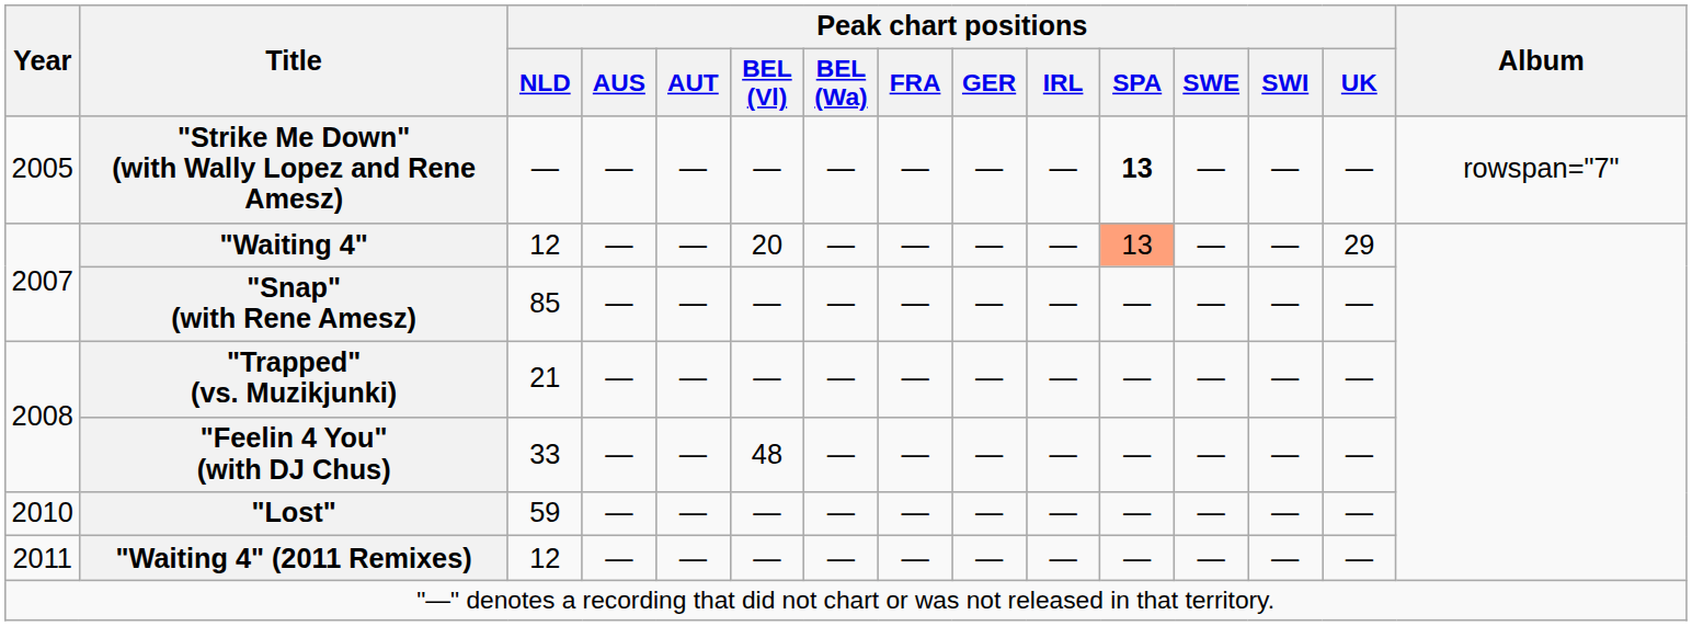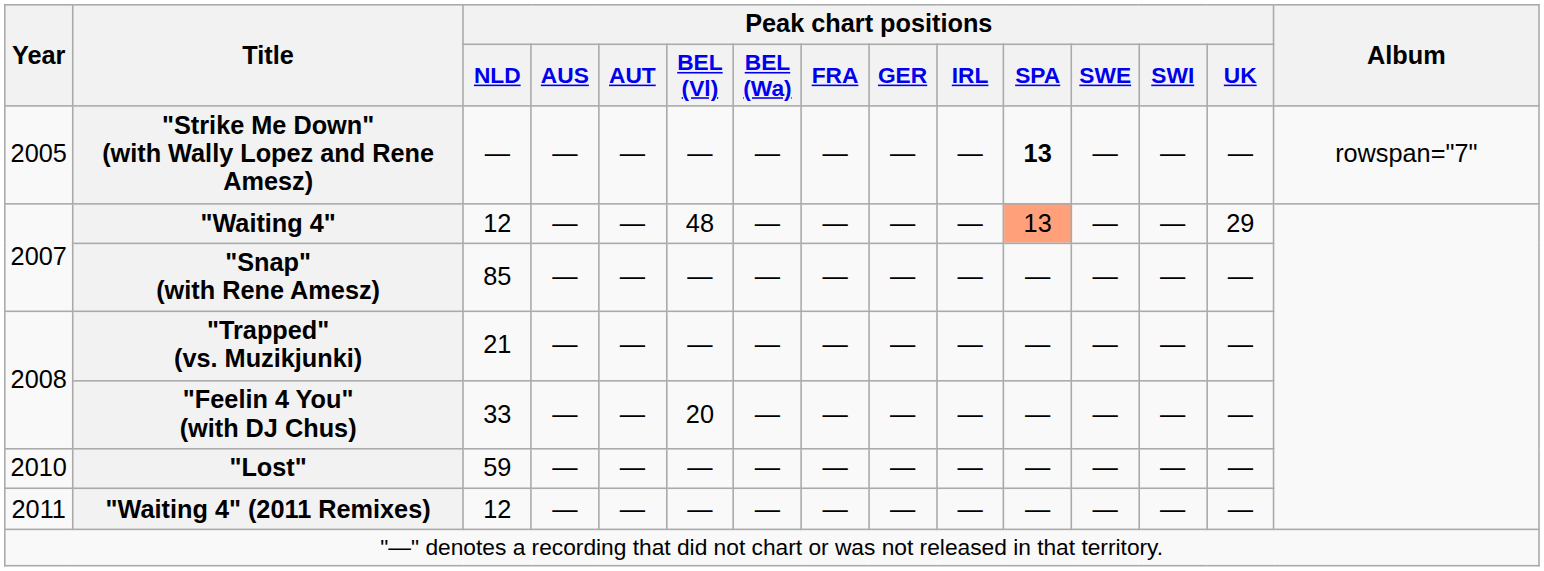 <table class="wikitable plainrowheaders" style="text-align:center;">
 <tr>
 <th scope="col" rowspan="2" style="width:1em;">Year</th>
 <th scope="col" rowspan="2" style="width:15em;">Title</th>
 <th scope="col" colspan="12">Peak chart positions</th>
 <th scope="col" rowspan="2" style="width:10em;">Album</th>
 </tr>
 <tr>
 <th scope="col" style="width:2.5em;font-size:90%;"><a href='#'>NLD</a><br></th>
 <th scope="col" style="width:2.5em;font-size:90%;"><a href='#'>AUS</a><br></th>
 <th scope="col" style="width:2.5em;font-size:90%;"><a href='#'>AUT</a><br></th>
 <th scope="col" style="width:2.5em;font-size:90%;"><a href='#'>BEL (Vl)</a><br></th>
 <th scope="col" style="width:2.5em;font-size:90%;"><a href='#'>BEL (Wa)</a><br></th>
 <th scope="col" style="width:2.5em;font-size:90%;"><a href='#'>FRA</a><br></th>
 <th scope="col" style="width:2.5em;font-size:90%;"><a href='#'>GER</a><br></th>
 <th scope="col" style="width:2.5em;font-size:90%;"><a href='#'>IRL</a><br></th>
 <th scope="col" style="width:2.5em;font-size:90%;"><a href='#'>SPA</a><br></th>
 <th scope="col" style="width:2.5em;font-size:90%;"><a href='#'>SWE</a><br></th>
 <th scope="col" style="width:2.5em;font-size:90%;"><a href='#'>SWI</a><br></th>
 <th scope="col" style="width:2.5em;font-size:90%;"><a href='#'>UK</a><br></th>
 </tr>
 <tr>
 <td rowspan="1">2005</td>
 <th scope="row">"Strike Me Down" <br><span>(with Wally Lopez and Rene Amesz)</span></th>
 <td>—</td>
 <td>—</td>
 <td>—</td>
 <td>—</td>
 <td>—</td>
 <td>—</td>
 <td>—</td>
 <td>—</td>
 <td><strong>13</strong></td>
 <td>—</td>
 <td>—</td>
 <td>—</td>
 <td>rowspan="7" </td>
 </tr>
 <tr>
 <td rowspan="2">2007</td>
 <th scope="row">"Waiting 4"</th>
 <td>12</td>
 <td>—</td>
 <td>—</td>
-<td>20</td>
+<td>48</td>
 <td>—</td>
 <td>—</td>
 <td>—</td>
 <td>—</td>
 <td style="background: lightsalmon;">13</td>
 <td>—</td>
 <td>—</td>
 <td>29</td>
 </tr>
 <tr>
 <th scope="row">"Snap" <br><span>(with Rene Amesz)</span></th>
 <td>85</td>
 <td>—</td>
 <td>—</td>
 <td>—</td>
 <td>—</td>
 <td>—</td>
 <td>—</td>
 <td>—</td>
 <td>—</td>
 <td>—</td>
 <td>—</td>
 <td>—</td>
 </tr>
 <tr>
 <td rowspan="2">2008</td>
 <th scope="row">"Trapped" <br><span>(vs. Muzikjunki)</span></th>
 <td>21</td>
 <td>—</td>
 <td>—</td>
 <td>—</td>
 <td>—</td>
 <td>—</td>
 <td>—</td>
 <td>—</td>
 <td>—</td>
 <td>—</td>
 <td>—</td>
 <td>—</td>
 </tr>
 <tr>
 <th scope="row">"Feelin 4 You" <br><span>(with DJ Chus)</span></th>
 <td>33</td>
 <td>—</td>
 <td>—</td>
-<td>48</td>
+<td>20</td>
 <td>—</td>
 <td>—</td>
 <td>—</td>
 <td>—</td>
 <td>—</td>
 <td>—</td>
 <td>—</td>
 <td>—</td>
 </tr>
 <tr>
 <td rowspan="1">2010</td>
 <th scope="row">"Lost"</th>
 <td>59</td>
 <td>—</td>
 <td>—</td>
 <td>—</td>
 <td>—</td>
 <td>—</td>
 <td>—</td>
 <td>—</td>
 <td>—</td>
 <td>—</td>
 <td>—</td>
 <td>—</td>
 </tr>
 <tr>
 <td rowspan="1">2011</td>
 <th scope="row">"Waiting 4" (2011 Remixes)</th>
 <td>12</td>
 <td>—</td>
 <td>—</td>
 <td>—</td>
 <td>—</td>
 <td>—</td>
 <td>—</td>
 <td>—</td>
 <td>—</td>
 <td>—</td>
 <td>—</td>
 <td>—</td>
 </tr>
 <tr>
 <td colspan="16" style="font-size:90%">"—" denotes a recording that did not chart or was not released in that territory.</td>
 </tr>
 </table>
